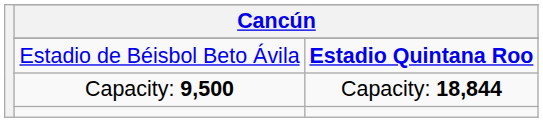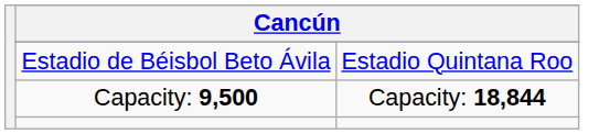 <table class=wikitable style="text-align:center"">
 <tr>
 <th rowspan="6"></th>
 </tr>
 <tr>
 <th colspan=2><a href='#'>Cancún</a></th>
 </tr>
 <tr>
 </tr>
 <tr>
 <td><a href='#'>Estadio de Béisbol Beto Ávila</a></td>
-<td><strong><a href='#'>Estadio Quintana Roo</a></strong></td>
+<td><a href='#'>Estadio Quintana Roo</a></td>
 </tr>
 <tr>
 <td>Capacity: <strong>9,500</strong></td>
 <td>Capacity: <strong>18,844</strong></td>
 </tr>
 <tr>
 <td></td>
 <td></td>
 </tr>
 </table>
